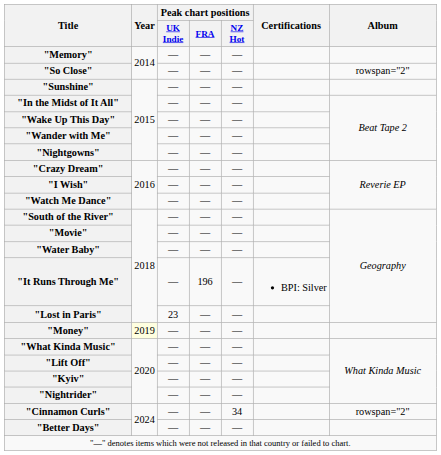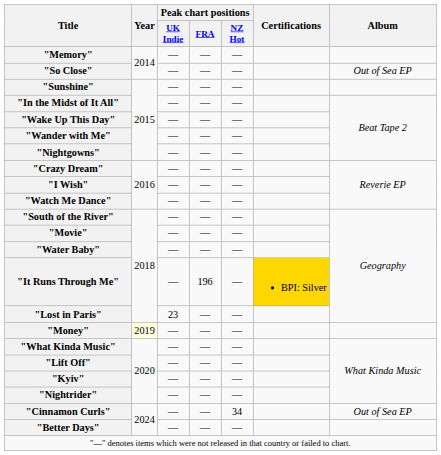 <table class="wikitable plainrowheaders" style="text-align:center;">
 <tr>
 <th scope="col" rowspan="2" style="width:12em;">Title</th>
 <th scope="col" rowspan="2" style="width:1em;">Year</th>
 <th scope="col" colspan="3">Peak chart positions</th>
 <th scope="col" rowspan="2">Certifications</th>
 <th scope="col" rowspan="2" style="width:10em;">Album</th>
 </tr>
 <tr>
 <th scope="col" style="width:3em;font-size:90%;"><a href='#'>UK<br>Indie</a><br></th>
 <th scope="col" style="width:3em;font-size:90%;"><a href='#'>FRA</a><br></th>
 <th scope="col" style="width:3em;font-size:90%;"><a href='#'>NZ<br>Hot</a><br></th>
 </tr>
 <tr>
 <th scope="row">"Memory"</th>
 <td rowspan="2">2014</td>
 <td>—</td>
 <td>—</td>
 <td>—</td>
 <td></td>
 <td></td>
 </tr>
 <tr>
 <th scope="row">"So Close"<br></th>
 <td>—</td>
 <td>—</td>
 <td>—</td>
 <td></td>
-<td>rowspan="2" </td>
+<td><em>Out of Sea EP</em></td>
 </tr>
 <tr>
 <th scope="row">"Sunshine"</th>
 <td rowspan="5">2015</td>
 <td>—</td>
 <td>—</td>
 <td>—</td>
 <td></td>
 <td></td>
 </tr>
 <tr>
 <th scope="row">"In the Midst of It All"<br></th>
 <td>—</td>
 <td>—</td>
 <td>—</td>
 <td></td>
 <td rowspan="4"><em>Beat Tape 2</em></td>
 </tr>
 <tr>
 <th scope="row">"Wake Up This Day"<br></th>
 <td>—</td>
 <td>—</td>
 <td>—</td>
 <td></td>
 </tr>
 <tr>
 <th scope="row">"Wander with Me"<br></th>
 <td>—</td>
 <td>—</td>
 <td>—</td>
 <td></td>
 </tr>
 <tr>
 <th scope="row">"Nightgowns"<br></th>
 <td>—</td>
 <td>—</td>
 <td>—</td>
 <td></td>
 </tr>
 <tr>
 <th scope="row">"Crazy Dream"<br></th>
 <td rowspan="3">2016</td>
 <td>—</td>
 <td>—</td>
 <td>—</td>
 <td></td>
 <td rowspan="3"><em>Reverie EP</em></td>
 </tr>
 <tr>
 <th scope="row">"I Wish"</th>
 <td>—</td>
 <td>—</td>
 <td>—</td>
 <td></td>
 </tr>
 <tr>
 <th scope="row">"Watch Me Dance"</th>
 <td>—</td>
 <td>—</td>
 <td>—</td>
 <td></td>
 </tr>
 <tr>
 <th scope="row">"South of the River"</th>
 <td rowspan="5">2018</td>
 <td>—</td>
 <td>—</td>
 <td>—</td>
 <td></td>
 <td rowspan="5"><em>Geography</em></td>
 </tr>
 <tr>
 <th scope="row">"Movie"</th>
 <td>—</td>
 <td>—</td>
 <td>—</td>
 <td></td>
 </tr>
 <tr>
 <th scope="row">"Water Baby"<br></th>
 <td>—</td>
 <td>—</td>
 <td>—</td>
 <td></td>
 </tr>
 <tr>
 <th scope="row">"It Runs Through Me"<br></th>
 <td>—</td>
 <td>196</td>
 <td>—</td>
-<td><br><ul><li>BPI: Silver</li></ul></td>
+<td style="background: gold;"><br><ul><li>BPI: Silver</li></ul></td>
 </tr>
 <tr>
 <th scope="row">"Lost in Paris"<br></th>
 <td>23</td>
 <td>—</td>
 <td>—</td>
 <td></td>
 </tr>
 <tr>
 <th scope="row">"Money"<br></th>
 <td style="background: lightyellow;">2019</td>
 <td>—</td>
 <td>—</td>
 <td>—</td>
 <td></td>
 <td></td>
 </tr>
 <tr>
 <th scope="row">"What Kinda Music"<br></th>
 <td rowspan="4">2020</td>
 <td>—</td>
 <td>—</td>
 <td>—</td>
 <td></td>
 <td rowspan="4"><em>What Kinda Music</em></td>
 </tr>
 <tr>
 <th scope="row">"Lift Off"<br></th>
 <td>—</td>
 <td>—</td>
 <td>—</td>
 <td></td>
 </tr>
 <tr>
 <th scope="row">"Kyiv"<br></th>
 <td>—</td>
 <td>—</td>
 <td>—</td>
 <td></td>
 </tr>
 <tr>
 <th scope="row">"Nightrider"<br></th>
 <td>—</td>
 <td>—</td>
 <td>—</td>
 <td></td>
 </tr>
 <tr>
 <th scope="row">"Cinnamon Curls"</th>
 <td rowspan="2">2024</td>
 <td>—</td>
 <td>—</td>
 <td>34</td>
 <td></td>
-<td>rowspan="2" </td>
+<td><em>Out of Sea EP</em></td>
 </tr>
 <tr>
 <th scope="row">"Better Days"</th>
 <td>—</td>
 <td>—</td>
 <td>—</td>
 <td></td>
 </tr>
 <tr>
 <td colspan="10" style="font-size:83%;">"—" denotes items which were not released in that country or failed to chart.</td>
 </tr>
 </table>
